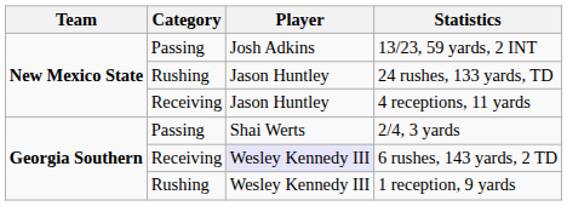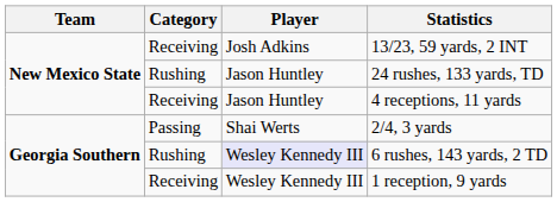 <table class="wikitable" style="float: left;">
 <tr>
 <th>Team</th>
 <th>Category</th>
 <th>Player</th>
 <th>Statistics</th>
 </tr>
 <tr>
 <td rowspan=3><strong>New Mexico State</strong></td>
-<td>Passing</td>
+<td>Receiving</td>
 <td>Josh Adkins</td>
 <td>13/23, 59 yards, 2 INT</td>
 </tr>
 <tr>
 <td>Rushing</td>
 <td>Jason Huntley</td>
 <td>24 rushes, 133 yards, TD</td>
 </tr>
 <tr>
 <td>Receiving</td>
 <td>Jason Huntley</td>
 <td>4 receptions, 11 yards</td>
 </tr>
 <tr>
 <td rowspan=3><strong>Georgia Southern</strong></td>
 <td>Passing</td>
 <td>Shai Werts</td>
 <td>2/4, 3 yards</td>
 </tr>
 <tr>
-<td>Receiving</td>
+<td>Rushing</td>
 <td style="background: lavender;">Wesley Kennedy III</td>
 <td>6 rushes, 143 yards, 2 TD</td>
 </tr>
 <tr>
-<td>Rushing</td>
+<td>Receiving</td>
 <td>Wesley Kennedy III</td>
 <td>1 reception, 9 yards</td>
 </tr>
 </table>
